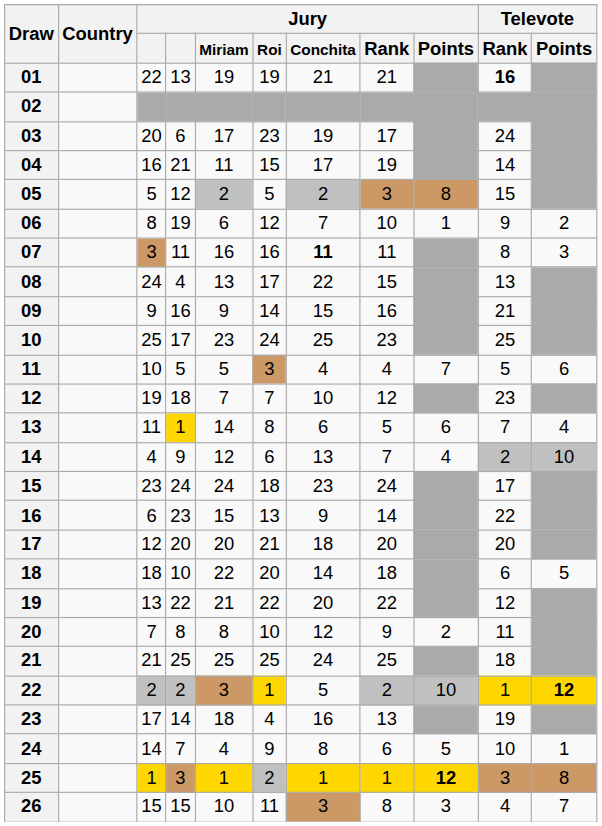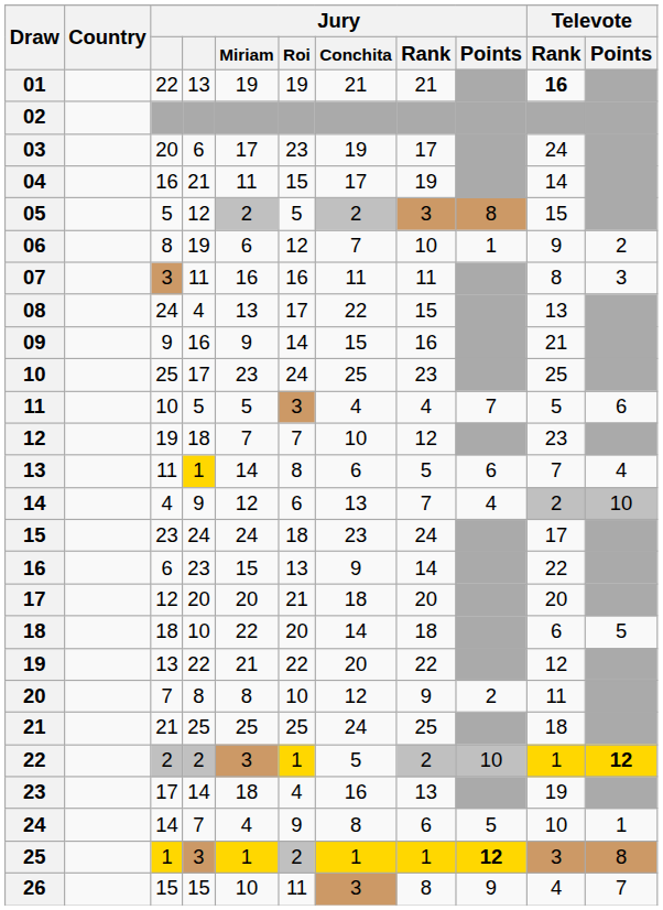 <table class="sortable wikitable collapsible plainrowheaders" style="text-align:center;">
 <tr>
 </tr>
 <tr>
 <th scope="col" rowspan="2">Draw</th>
 <th scope="col" rowspan="2">Country</th>
 <th scope="col" colspan="7">Jury</th>
 <th scope="col" colspan="2">Televote</th>
 </tr>
 <tr>
 <th scope="col"><small></small></th>
 <th scope="col"><small></small></th>
 <th scope="col"><small>Miriam</small></th>
 <th scope="col"><small>Roi</small></th>
 <th scope="col"><small>Conchita</small></th>
 <th scope="col">Rank</th>
 <th scope="col">Points</th>
 <th scope="col">Rank</th>
 <th scope="col">Points</th>
 </tr>
 <tr>
 <th scope="row" style="text-align:center;">01</th>
 <td style="text-align:left;"></td>
 <td>22</td>
 <td>13</td>
 <td>19</td>
 <td>19</td>
 <td>21</td>
 <td>21</td>
 <td style="background:#AAAAAA;"></td>
 <td><strong>16</strong></td>
 <td style="background:#AAAAAA;"></td>
 </tr>
 <tr class="sortbottom">
 <th scope="row" style="text-align:center;">02</th>
 <td style="text-align:left;"></td>
 <td style="background:#AAAAAA;"></td>
 <td style="background:#AAAAAA;"></td>
 <td style="background:#AAAAAA;"></td>
 <td style="background:#AAAAAA;"></td>
 <td style="background:#AAAAAA;"></td>
 <td style="background:#AAAAAA;"></td>
 <td style="background:#AAAAAA;"></td>
 <td style="background:#AAAAAA;"></td>
 <td style="background:#AAAAAA;"></td>
 </tr>
 <tr>
 <th scope="row" style="text-align:center;">03</th>
 <td style="text-align:left;"></td>
 <td>20</td>
 <td>6</td>
 <td>17</td>
 <td>23</td>
 <td>19</td>
 <td>17</td>
 <td style="background:#AAAAAA;"></td>
 <td>24</td>
 <td style="background:#AAAAAA;"></td>
 </tr>
 <tr>
 <th scope="row" style="text-align:center;">04</th>
 <td style="text-align:left;"></td>
 <td>16</td>
 <td>21</td>
 <td>11</td>
 <td>15</td>
 <td>17</td>
 <td>19</td>
 <td style="background:#AAAAAA;"></td>
 <td>14</td>
 <td style="background:#AAAAAA;"></td>
 </tr>
 <tr>
 <th scope="row" style="text-align:center;">05</th>
 <td style="text-align:left;"></td>
 <td>5</td>
 <td>12</td>
 <td style="background:silver;">2</td>
 <td>5</td>
 <td style="background:silver;">2</td>
 <td style="background:#CC9966;">3</td>
 <td style="background:#CC9966;">8</td>
 <td>15</td>
 <td style="background:#AAAAAA;"></td>
 </tr>
 <tr>
 <th scope="row" style="text-align:center;">06</th>
 <td style="text-align:left;"></td>
 <td>8</td>
 <td>19</td>
 <td>6</td>
 <td>12</td>
 <td>7</td>
 <td>10</td>
 <td>1</td>
 <td>9</td>
 <td>2</td>
 </tr>
 <tr>
 <th scope="row" style="text-align:center;">07</th>
 <td style="text-align:left;"></td>
 <td style="background:#CC9966;">3</td>
 <td>11</td>
 <td>16</td>
 <td>16</td>
-<td><strong>11</strong></td>
+<td>11</td>
 <td>11</td>
 <td style="background:#AAAAAA;"></td>
 <td>8</td>
 <td>3</td>
 </tr>
 <tr>
 <th scope="row" style="text-align:center;">08</th>
 <td style="text-align:left;"></td>
 <td>24</td>
 <td>4</td>
 <td>13</td>
 <td>17</td>
 <td>22</td>
 <td>15</td>
 <td style="background:#AAAAAA;"></td>
 <td>13</td>
 <td style="background:#AAAAAA;"></td>
 </tr>
 <tr>
 <th scope="row" style="text-align:center;">09</th>
 <td style="text-align:left;"></td>
 <td>9</td>
 <td>16</td>
 <td>9</td>
 <td>14</td>
 <td>15</td>
 <td>16</td>
 <td style="background:#AAAAAA;"></td>
 <td>21</td>
 <td style="background:#AAAAAA;"></td>
 </tr>
 <tr>
 <th scope="row" style="text-align:center;">10</th>
 <td style="text-align:left;"></td>
 <td>25</td>
 <td>17</td>
 <td>23</td>
 <td>24</td>
 <td>25</td>
 <td>23</td>
 <td style="background:#AAAAAA;"></td>
 <td>25</td>
 <td style="background:#AAAAAA;"></td>
 </tr>
 <tr>
 <th scope="row" style="text-align:center;">11</th>
 <td style="text-align:left;"></td>
 <td>10</td>
 <td>5</td>
 <td>5</td>
 <td style="background:#CC9966;">3</td>
 <td>4</td>
 <td>4</td>
 <td>7</td>
 <td>5</td>
 <td>6</td>
 </tr>
 <tr>
 <th scope="row" style="text-align:center;">12</th>
 <td style="text-align:left;"></td>
 <td>19</td>
 <td>18</td>
 <td>7</td>
 <td>7</td>
 <td>10</td>
 <td>12</td>
 <td style="background:#AAAAAA;"></td>
 <td>23</td>
 <td style="background:#AAAAAA;"></td>
 </tr>
 <tr>
 <th scope="row" style="text-align:center;">13</th>
 <td style="text-align:left;"></td>
 <td>11</td>
 <td style="background:gold;">1</td>
 <td>14</td>
 <td>8</td>
 <td>6</td>
 <td>5</td>
 <td>6</td>
 <td>7</td>
 <td>4</td>
 </tr>
 <tr>
 <th scope="row" style="text-align:center;">14</th>
 <td style="text-align:left;"></td>
 <td>4</td>
 <td>9</td>
 <td>12</td>
 <td>6</td>
 <td>13</td>
 <td>7</td>
 <td>4</td>
 <td style="background:silver;">2</td>
 <td style="background:silver;">10</td>
 </tr>
 <tr>
 <th scope="row" style="text-align:center;">15</th>
 <td style="text-align:left;"></td>
 <td>23</td>
 <td>24</td>
 <td>24</td>
 <td>18</td>
 <td>23</td>
 <td>24</td>
 <td style="background:#AAAAAA;"></td>
 <td>17</td>
 <td style="background:#AAAAAA;"></td>
 </tr>
 <tr>
 <th scope="row" style="text-align:center;">16</th>
 <td style="text-align:left;"></td>
 <td>6</td>
 <td>23</td>
 <td>15</td>
 <td>13</td>
 <td>9</td>
 <td>14</td>
 <td style="background:#AAAAAA;"></td>
 <td>22</td>
 <td style="background:#AAAAAA;"></td>
 </tr>
 <tr>
 <th scope="row" style="text-align:center;">17</th>
 <td style="text-align:left;"></td>
 <td>12</td>
 <td>20</td>
 <td>20</td>
 <td>21</td>
 <td>18</td>
 <td>20</td>
 <td style="background:#AAAAAA;"></td>
 <td>20</td>
 <td style="background:#AAAAAA;"></td>
 </tr>
 <tr>
 <th scope="row" style="text-align:center;">18</th>
 <td style="text-align:left;"></td>
 <td>18</td>
 <td>10</td>
 <td>22</td>
 <td>20</td>
 <td>14</td>
 <td>18</td>
 <td style="background:#AAAAAA;"></td>
 <td>6</td>
 <td>5</td>
 </tr>
 <tr>
 <th scope="row" style="text-align:center;">19</th>
 <td style="text-align:left;"></td>
 <td>13</td>
 <td>22</td>
 <td>21</td>
 <td>22</td>
 <td>20</td>
 <td>22</td>
 <td style="background:#AAAAAA;"></td>
 <td>12</td>
 <td style="background:#AAAAAA;"></td>
 </tr>
 <tr>
 <th scope="row" style="text-align:center;">20</th>
 <td style="text-align:left;"></td>
 <td>7</td>
 <td>8</td>
 <td>8</td>
 <td>10</td>
 <td>12</td>
 <td>9</td>
 <td>2</td>
 <td>11</td>
 <td style="background:#AAAAAA;"></td>
 </tr>
 <tr>
 <th scope="row" style="text-align:center;">21</th>
 <td style="text-align:left;"></td>
 <td>21</td>
 <td>25</td>
 <td>25</td>
 <td>25</td>
 <td>24</td>
 <td>25</td>
 <td style="background:#AAAAAA;"></td>
 <td>18</td>
 <td style="background:#AAAAAA;"></td>
 </tr>
 <tr>
 <th scope="row" style="text-align:center;">22</th>
 <td style="text-align:left;"></td>
 <td style="background:silver;">2</td>
 <td style="background:silver;">2</td>
 <td style="background:#CC9966;">3</td>
 <td style="background:gold;">1</td>
 <td>5</td>
 <td style="background:silver;">2</td>
 <td style="background:silver;">10</td>
 <td style="background:gold;">1</td>
 <td style="background:gold;"><strong>12</strong></td>
 </tr>
 <tr>
 <th scope="row" style="text-align:center;">23</th>
 <td style="text-align:left;"></td>
 <td>17</td>
 <td>14</td>
 <td>18</td>
 <td>4</td>
 <td>16</td>
 <td>13</td>
 <td style="background:#AAAAAA;"></td>
 <td>19</td>
 <td style="background:#AAAAAA;"></td>
 </tr>
 <tr>
 <th scope="row" style="text-align:center;">24</th>
 <td style="text-align:left;"></td>
 <td>14</td>
 <td>7</td>
 <td>4</td>
 <td>9</td>
 <td>8</td>
 <td>6</td>
 <td>5</td>
 <td>10</td>
 <td>1</td>
 </tr>
 <tr>
 <th scope="row" style="text-align:center;">25</th>
 <td style="text-align:left;"></td>
 <td style="background:gold;">1</td>
 <td style="background:#CC9966;">3</td>
 <td style="background:gold;">1</td>
 <td style="background:silver;">2</td>
 <td style="background:gold;">1</td>
 <td style="background:gold;">1</td>
 <td style="background:gold;"><strong>12</strong></td>
 <td style="background:#CC9966;">3</td>
 <td style="background:#CC9966;">8</td>
 </tr>
 <tr>
 <th scope="row" style="text-align:center;">26</th>
 <td style="text-align:left;"></td>
 <td>15</td>
 <td>15</td>
 <td>10</td>
 <td>11</td>
 <td style="background:#CC9966;">3</td>
 <td>8</td>
-<td>3</td>
+<td>9</td>
 <td>4</td>
 <td>7</td>
 </tr>
 </table>
